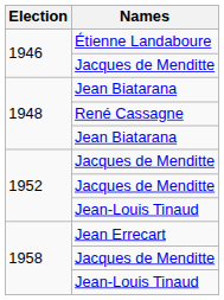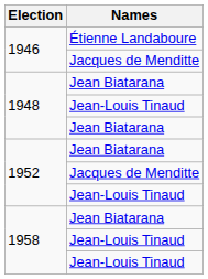 <table class="wikitable sortable">
 <tr>
 <th>Election</th>
 <th>Names</th>
 </tr>
 <tr>
 <td rowspan=2>1946</td>
 <td><a href='#'>Étienne Landaboure</a></td>
 </tr>
 <tr>
 <td><a href='#'>Jacques de Menditte</a></td>
 </tr>
 <tr>
 <td rowspan=3>1948</td>
 <td><a href='#'>Jean Biatarana</a></td>
 </tr>
 <tr>
-<td><a href='#'>René Cassagne</a></td>
+<td><a href='#'>Jean-Louis Tinaud</a></td>
 </tr>
 <tr>
 <td><a href='#'>Jean Biatarana</a></td>
 </tr>
 <tr>
 <td rowspan=3>1952</td>
-<td><a href='#'>Jacques de Menditte</a></td>
+<td><a href='#'>Jean Biatarana</a></td>
 </tr>
 <tr>
 <td><a href='#'>Jacques de Menditte</a></td>
 </tr>
 <tr>
 <td><a href='#'>Jean-Louis Tinaud</a></td>
 </tr>
 <tr>
 <td rowspan=3>1958</td>
-<td><a href='#'>Jean Errecart</a></td>
+<td><a href='#'>Jean Biatarana</a></td>
 </tr>
 <tr>
-<td><a href='#'>Jacques de Menditte</a></td>
+<td><a href='#'>Jean-Louis Tinaud</a></td>
 </tr>
 <tr>
 <td><a href='#'>Jean-Louis Tinaud</a></td>
 </tr>
 </table>
